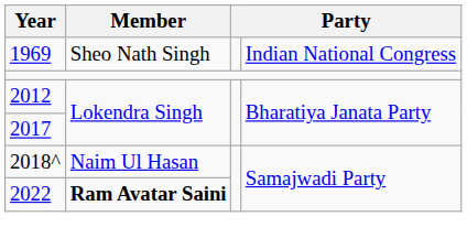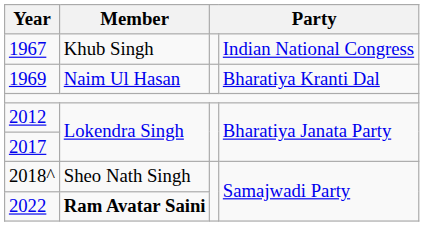 <table class="wikitable">
 <tr>
 <th>Year</th>
 <th>Member</th>
 <th colspan="2">Party</th>
 </tr>
 <tr>
-<td><a href='#'>1969</a></td>
-<td>Sheo Nath Singh</td>
+<td><a href='#'>1967</a></td>
+<td>Khub Singh</td>
 <td style="background-color: "></td>
 <td><a href='#'>Indian National Congress</a></td>
+</tr>
+<tr>
+<td><a href='#'>1969</a></td>
+<td><a href='#'>Naim Ul Hasan</a></td>
+<td style="background-color: "></td>
+<td><a href='#'>Bharatiya Kranti Dal</a></td>
 </tr>
 <tr>
 <td colspan="4"></td>
 </tr>
 <tr>
 <td><a href='#'>2012</a></td>
 <td rowspan="2"><a href='#'>Lokendra Singh</a></td>
 <td rowspan="2" style="background-color: "></td>
 <td rowspan="2"><a href='#'>Bharatiya Janata Party</a></td>
 </tr>
 <tr>
 <td><a href='#'>2017</a></td>
 </tr>
 <tr>
 <td>2018^</td>
-<td><a href='#'>Naim Ul Hasan</a></td>
+<td>Sheo Nath Singh</td>
 <td rowspan="2" style="background-color: "></td>
 <td rowspan="2"><a href='#'>Samajwadi Party</a></td>
 </tr>
 <tr>
 <td><a href='#'>2022</a></td>
 <td><strong>Ram Avatar Saini</strong></td>
 </tr>
 </table>
